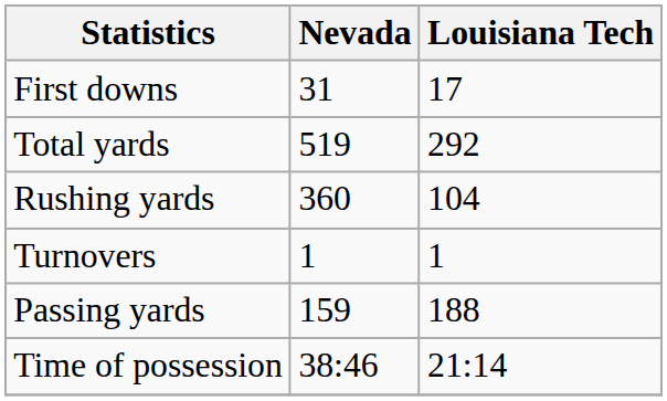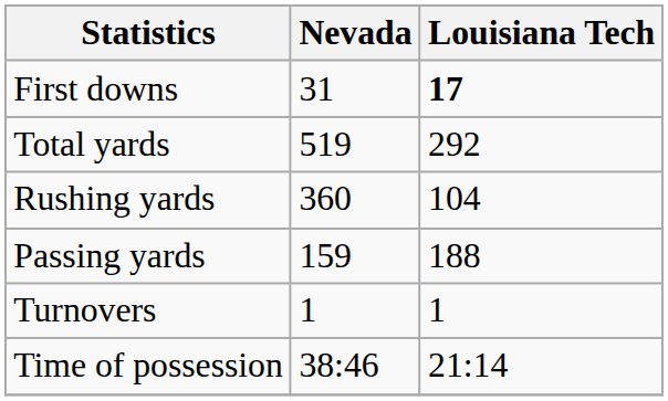 <table class="wikitable">
 <tr>
 <th>Statistics</th>
 <th>Nevada</th>
 <th>Louisiana Tech</th>
 </tr>
 <tr>
 <td>First downs</td>
 <td>31</td>
-<td>17</td>
+<td><strong>17</strong></td>
 </tr>
 <tr>
 <td>Total yards</td>
 <td>519</td>
 <td>292</td>
 </tr>
 <tr>
 <td>Rushing yards</td>
 <td>360</td>
 <td>104</td>
 </tr>
 <tr>
+<td>Passing yards</td>
+<td>159</td>
+<td>188</td>
+</tr>
+<tr>
 <td>Turnovers</td>
 <td>1</td>
 <td>1</td>
-</tr>
-<tr>
-<td>Passing yards</td>
-<td>159</td>
-<td>188</td>
 </tr>
 <tr>
 <td>Time of possession</td>
 <td>38:46</td>
 <td>21:14</td>
 </tr>
 <tr>
 </tr>
 </table>
